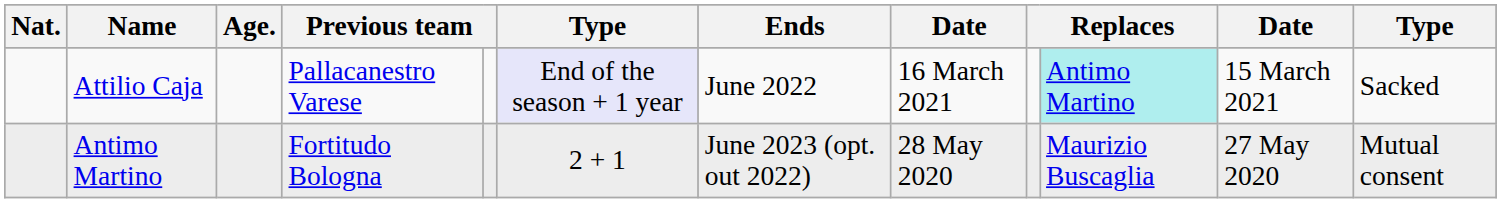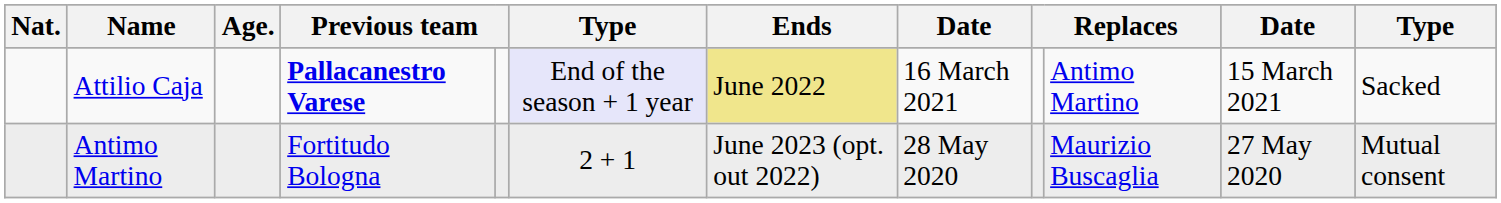 <table class="wikitable sortable">
 <tr>
 <th>Nat.</th>
 <th>Name</th>
 <th>Age.</th>
 <th colspan=2>Previous team</th>
 <th>Type</th>
 <th>Ends</th>
 <th>Date</th>
 <th colspan=2>Replaces</th>
 <th>Date</th>
 <th>Type</th>
 </tr>
 <tr>
 <td style="text-align: center;"></td>
 <td><a href='#'>Attilio Caja</a></td>
 <td style="text-align: center;"></td>
-<td><a href='#'>Pallacanestro Varese</a></td>
+<td><strong><a href='#'>Pallacanestro Varese</a></strong></td>
 <td style="text-align: center;"></td>
 <td style="background: lavender; text-align: center;">End of the season + 1 year</td>
-<td>June 2022</td>
+<td style="background: khaki;">June 2022</td>
 <td>16 March 2021</td>
 <td style="text-align: center;"></td>
-<td style="background: paleturquoise;"><a href='#'>Antimo Martino</a></td>
+<td><a href='#'>Antimo Martino</a></td>
 <td>15 March 2021</td>
 <td>Sacked</td>
 </tr>
 <tr>
 <td style="text-align: center; background-color: #ededed;"></td>
 <td style="background-color: #ededed;"><a href='#'>Antimo Martino</a></td>
 <td style="text-align: center; background-color: #ededed;"></td>
 <td style="background-color: #ededed;"><a href='#'>Fortitudo Bologna</a></td>
 <td style="text-align: center; background-color: #ededed;"></td>
 <td style="text-align: center; background-color: #ededed;">2 + 1</td>
 <td style="background-color: #ededed;">June 2023 (opt. out 2022)</td>
 <td style="background-color: #ededed;">28 May 2020</td>
 <td style="text-align: center; background-color: #ededed;"></td>
 <td style="background-color: #ededed;"><a href='#'>Maurizio Buscaglia</a></td>
 <td style="background-color: #ededed;">27 May 2020</td>
 <td style="background-color: #ededed;">Mutual consent</td>
 </tr>
 </table>
